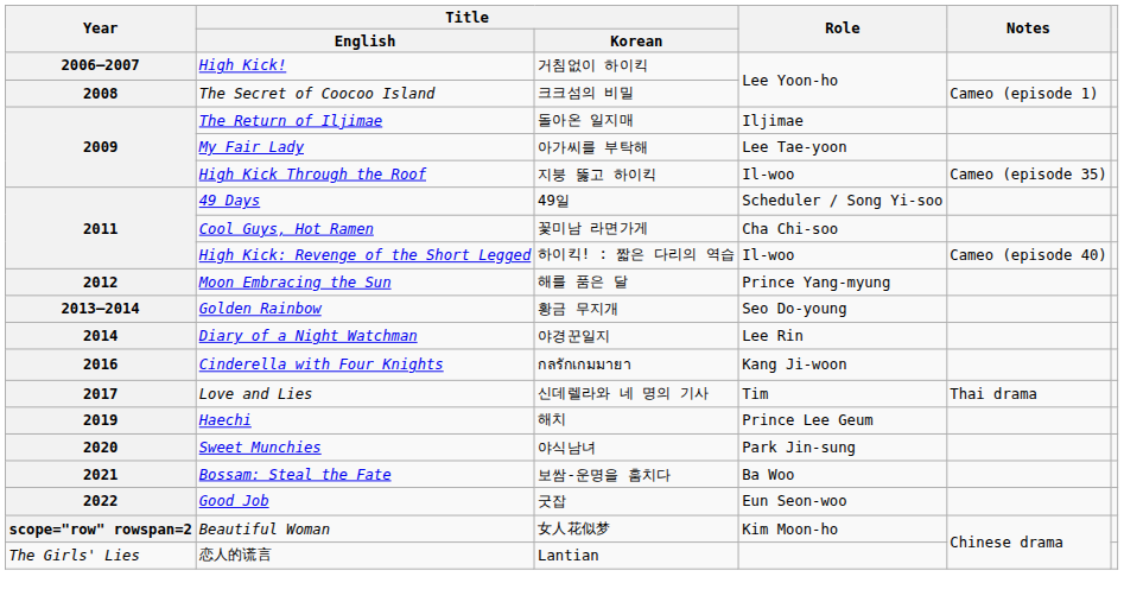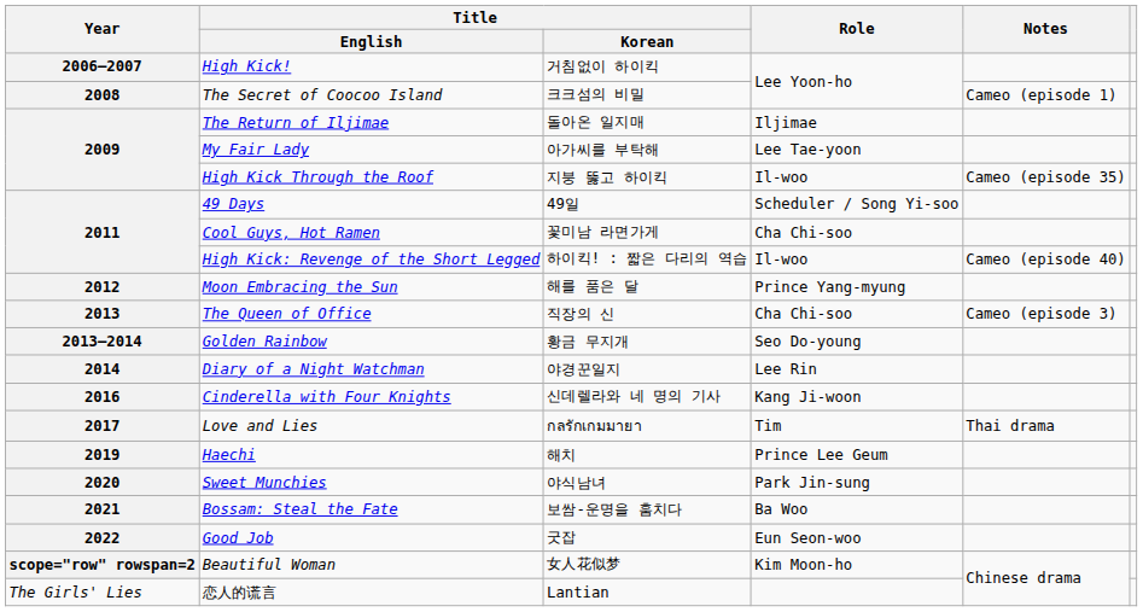 <table class="wikitable sortable plainrowheaders">
 <tr>
 <th scope="col" rowspan="2">Year</th>
 <th scope="col" colspan="2">Title</th>
 <th scope="col" rowspan="2">Role</th>
 <th scope="col" rowspan="2" class="unsortable">Notes</th>
 <th scope="col" rowspan="2" class="unsortable"></th>
 </tr>
 <tr>
 <th>English</th>
 <th>Korean</th>
 </tr>
 <tr>
 <th scope="row">2006–2007</th>
 <td><em><a href='#'>High Kick!</a></em></td>
 <td>거침없이 하이킥</td>
 <td rowspan=2>Lee Yoon-ho</td>
 <td></td>
 <td></td>
 </tr>
 <tr>
 <th scope="row">2008</th>
 <td><em>The Secret of Coocoo Island</em></td>
 <td>크크섬의 비밀</td>
 <td>Cameo (episode 1)</td>
 <td></td>
 </tr>
 <tr>
 <th scope="row" rowspan=3>2009</th>
 <td><em><a href='#'>The Return of Iljimae</a></em></td>
 <td>돌아온 일지매</td>
 <td>Iljimae</td>
 <td></td>
 <td></td>
 </tr>
 <tr>
 <td><em><a href='#'>My Fair Lady</a></em></td>
 <td>아가씨를 부탁해</td>
 <td>Lee Tae-yoon</td>
 <td></td>
 <td></td>
 </tr>
 <tr>
 <td><em><a href='#'>High Kick Through the Roof</a></em></td>
 <td>지붕 뚫고 하이킥</td>
 <td>Il-woo</td>
 <td>Cameo (episode 35)</td>
 <td></td>
 </tr>
 <tr>
 <th scope="row" rowspan=3>2011</th>
 <td><em><a href='#'>49 Days</a></em></td>
 <td>49일</td>
 <td>Scheduler / Song Yi-soo</td>
 <td></td>
 <td></td>
 </tr>
 <tr>
 <td><em><a href='#'>Cool Guys, Hot Ramen</a></em></td>
 <td>꽃미남 라면가게</td>
 <td>Cha Chi-soo</td>
 <td></td>
 <td></td>
 </tr>
 <tr>
 <td><em><a href='#'>High Kick: Revenge of the Short Legged</a></em></td>
 <td>하이킥! : 짧은 다리의 역습</td>
 <td>Il-woo</td>
 <td>Cameo (episode 40)</td>
 <td></td>
 </tr>
 <tr>
 <th scope="row">2012</th>
 <td><em><a href='#'>Moon Embracing the Sun</a></em></td>
 <td>해를 품은 달</td>
 <td>Prince Yang-myung</td>
 <td></td>
 <td></td>
 </tr>
 <tr>
+<th scope="row">2013</th>
+<td><em><a href='#'>The Queen of Office</a></em></td>
+<td>직장의 신</td>
+<td>Cha Chi-soo</td>
+<td>Cameo (episode 3)</td>
+<td></td>
+</tr>
+<tr>
 <th scope="row">2013–2014</th>
 <td><em><a href='#'>Golden Rainbow</a></em></td>
 <td>황금 무지개</td>
 <td>Seo Do-young</td>
 <td></td>
 <td></td>
 </tr>
 <tr>
 <th scope="row">2014</th>
 <td><em><a href='#'>Diary of a Night Watchman</a></em></td>
 <td>야경꾼일지</td>
 <td>Lee Rin</td>
 <td></td>
 <td></td>
 </tr>
 <tr>
 <th scope="row">2016</th>
 <td><em><a href='#'>Cinderella with Four Knights</a></em></td>
-<td>กลรักเกมมายา</td>
+<td>신데렐라와 네 명의 기사</td>
 <td>Kang Ji-woon</td>
 <td></td>
 <td></td>
 </tr>
 <tr>
 <th scope="row">2017</th>
 <td><em>Love and Lies</em></td>
-<td>신데렐라와 네 명의 기사</td>
+<td>กลรักเกมมายา</td>
 <td>Tim</td>
 <td>Thai drama</td>
 <td></td>
 </tr>
 <tr>
 <th scope="row">2019</th>
 <td><em><a href='#'>Haechi</a></em></td>
 <td>해치</td>
 <td>Prince Lee Geum</td>
 <td></td>
 <td></td>
 </tr>
 <tr>
 <th scope="row">2020</th>
 <td><em><a href='#'>Sweet Munchies</a></em></td>
 <td>야식남녀</td>
 <td>Park Jin-sung</td>
 <td></td>
 <td></td>
 </tr>
 <tr>
 <th scope="row">2021</th>
 <td><em><a href='#'>Bossam: Steal the Fate</a></em></td>
 <td>보쌈-운명을 훔치다</td>
 <td>Ba Woo</td>
 <td></td>
 <td></td>
 </tr>
 <tr>
 <th scope="row">2022</th>
 <td><em><a href='#'>Good Job</a></em></td>
 <td>굿잡</td>
 <td>Eun Seon-woo</td>
 <td></td>
 <td></td>
 </tr>
 <tr>
 <th>scope="row" rowspan=2 </th>
 <td><em>Beautiful Woman</em></td>
 <td>女人花似梦</td>
 <td>Kim Moon-ho</td>
 <td rowspan=2>Chinese drama</td>
 <td></td>
 </tr>
 <tr>
 <td><em>The Girls' Lies</em></td>
 <td>恋人的谎言</td>
 <td>Lantian</td>
 <td></td>
 </tr>
 </table>
